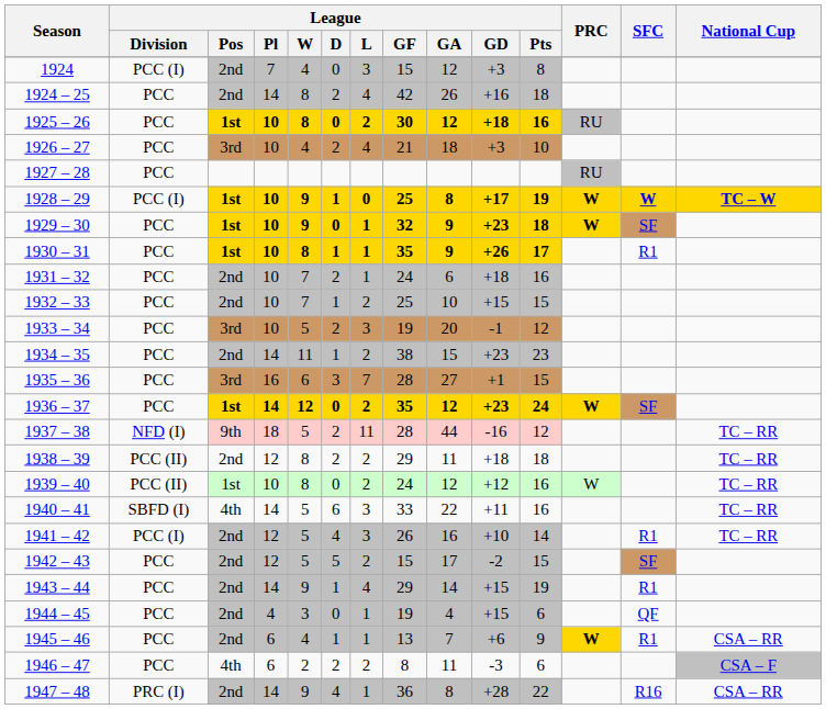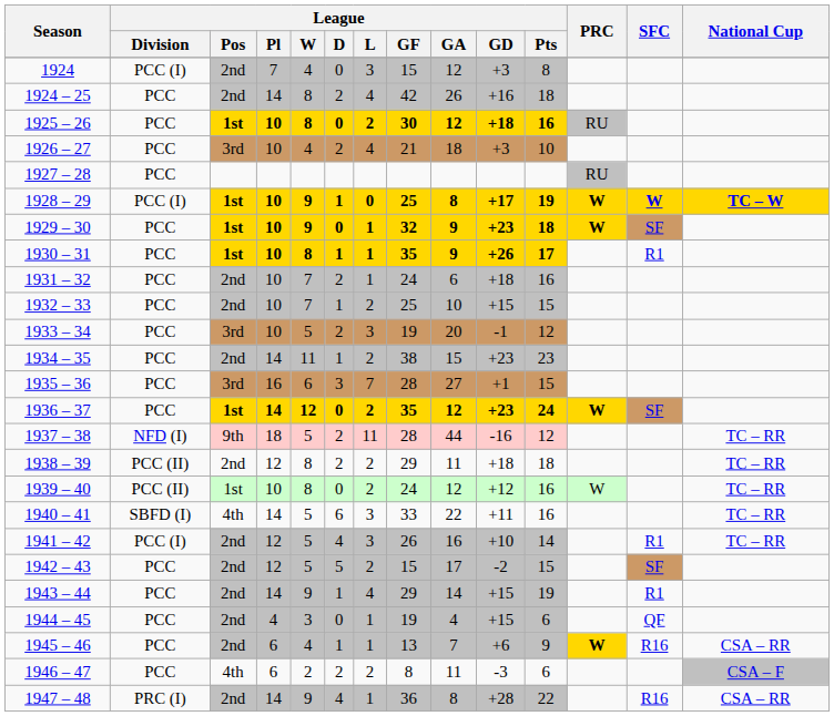 <table class="wikitable sortable" style="width:800px;">
 <tr>
 <th rowspan=2>Season</th>
 <th colspan=10>League </th>
 <th rowspan=2>PRC</th>
 <th rowspan=2><a href='#'>SFC</a></th>
 <th rowspan=2><a href='#'>National Cup</a></th>
 </tr>
 <tr>
 <th>Division</th>
 <th>Pos</th>
 <th>Pl</th>
 <th>W</th>
 <th>D</th>
 <th>L</th>
 <th>GF</th>
 <th>GA</th>
 <th>GD</th>
 <th>Pts</th>
 </tr>
 <tr>
 </tr>
 <tr style="text-align:center;">
 <td><a href='#'>1924</a></td>
 <td>PCC (I)</td>
 <td style="background:silver">2nd</td>
 <td style="background:silver">7</td>
 <td style="background:silver">4</td>
 <td style="background:silver">0</td>
 <td style="background:silver">3</td>
 <td style="background:silver">15</td>
 <td style="background:silver">12</td>
 <td style="background:silver">+3</td>
 <td style="background:silver">8</td>
 <td></td>
 <td></td>
 <td></td>
 </tr>
 <tr style="text-align:center;">
 <td><a href='#'>1924 – 25</a></td>
 <td>PCC</td>
 <td style="background:silver">2nd</td>
 <td style="background:silver">14</td>
 <td style="background:silver">8</td>
 <td style="background:silver">2</td>
 <td style="background:silver">4</td>
 <td style="background:silver">42</td>
 <td style="background:silver">26</td>
 <td style="background:silver">+16</td>
 <td style="background:silver">18</td>
 <td></td>
 <td></td>
 <td></td>
 </tr>
 <tr style="text-align:center;">
 <td><a href='#'>1925 – 26</a></td>
 <td>PCC</td>
 <td bgcolor=gold><strong>1st</strong></td>
 <td bgcolor=gold><strong>10</strong></td>
 <td bgcolor=gold><strong>8</strong></td>
 <td bgcolor=gold><strong>0</strong></td>
 <td bgcolor=gold><strong>2</strong></td>
 <td bgcolor=gold><strong>30</strong></td>
 <td bgcolor=gold><strong>12</strong></td>
 <td bgcolor=gold><strong>+18</strong></td>
 <td bgcolor=gold><strong>16</strong></td>
 <td style="background:silver">RU </td>
 <td></td>
 <td></td>
 </tr>
 <tr style="text-align:center;">
 <td><a href='#'>1926 – 27</a></td>
 <td>PCC</td>
 <td style="background:#c96">3rd</td>
 <td style="background:#c96">10</td>
 <td style="background:#c96">4</td>
 <td style="background:#c96">2</td>
 <td style="background:#c96">4</td>
 <td style="background:#c96">21</td>
 <td style="background:#c96">18</td>
 <td style="background:#c96">+3</td>
 <td style="background:#c96">10</td>
 <td></td>
 <td></td>
 <td></td>
 </tr>
 <tr style="text-align:center;">
 <td><a href='#'>1927 – 28</a></td>
 <td>PCC</td>
 <td></td>
 <td></td>
 <td></td>
 <td></td>
 <td></td>
 <td></td>
 <td></td>
 <td></td>
 <td></td>
 <td style="background:silver">RU </td>
 <td></td>
 <td></td>
 </tr>
 <tr style="text-align:center;">
 <td><a href='#'>1928 – 29</a></td>
 <td>PCC (I)</td>
 <td bgcolor=gold><strong>1st</strong></td>
 <td bgcolor=gold><strong>10</strong></td>
 <td bgcolor=gold><strong>9</strong></td>
 <td bgcolor=gold><strong>1</strong></td>
 <td bgcolor=gold><strong>0</strong></td>
 <td bgcolor=gold><strong>25</strong></td>
 <td bgcolor=gold><strong>8</strong></td>
 <td bgcolor=gold><strong>+17</strong></td>
 <td bgcolor=gold><strong>19</strong></td>
 <td bgcolor=gold><strong>W</strong></td>
 <td bgcolor=gold><a href='#'><strong>W</strong></a></td>
 <td bgcolor=gold><a href='#'><strong>TC – W</strong></a></td>
 </tr>
 <tr style="text-align:center;">
 <td><a href='#'>1929 – 30</a></td>
 <td>PCC</td>
 <td bgcolor=gold><strong>1st</strong></td>
 <td bgcolor=gold><strong>10</strong></td>
 <td bgcolor=gold><strong>9</strong></td>
 <td bgcolor=gold><strong>0</strong></td>
 <td bgcolor=gold><strong>1</strong></td>
 <td bgcolor=gold><strong>32</strong></td>
 <td bgcolor=gold><strong>9</strong></td>
 <td bgcolor=gold><strong>+23</strong></td>
 <td bgcolor=gold><strong>18</strong></td>
 <td bgcolor=gold><strong>W</strong></td>
 <td style="background:#c96"><a href='#'>SF</a></td>
 <td></td>
 </tr>
 <tr style="text-align:center;">
 <td><a href='#'>1930 – 31</a></td>
 <td>PCC</td>
 <td bgcolor=gold><strong>1st</strong></td>
 <td bgcolor=gold><strong>10</strong></td>
 <td bgcolor=gold><strong>8</strong></td>
 <td bgcolor=gold><strong>1</strong></td>
 <td bgcolor=gold><strong>1</strong></td>
 <td bgcolor=gold><strong>35</strong></td>
 <td bgcolor=gold><strong>9</strong></td>
 <td bgcolor=gold><strong>+26</strong></td>
 <td bgcolor=gold><strong>17</strong></td>
 <td></td>
 <td><a href='#'>R1</a></td>
 <td></td>
 </tr>
 <tr style="text-align:center;">
 <td><a href='#'>1931 – 32</a></td>
 <td>PCC</td>
 <td style="background:silver">2nd</td>
 <td style="background:silver">10</td>
 <td style="background:silver">7</td>
 <td style="background:silver">2</td>
 <td style="background:silver">1</td>
 <td style="background:silver">24</td>
 <td style="background:silver">6</td>
 <td style="background:silver">+18</td>
 <td style="background:silver">16</td>
 <td></td>
 <td></td>
 <td></td>
 </tr>
 <tr style="text-align:center;">
 <td><a href='#'>1932 – 33</a></td>
 <td>PCC</td>
 <td style="background:silver">2nd</td>
 <td style="background:silver">10</td>
 <td style="background:silver">7</td>
 <td style="background:silver">1</td>
 <td style="background:silver">2</td>
 <td style="background:silver">25</td>
 <td style="background:silver">10</td>
 <td style="background:silver">+15</td>
 <td style="background:silver">15</td>
 <td></td>
 <td></td>
 <td></td>
 </tr>
 <tr style="text-align:center;">
 <td><a href='#'>1933 – 34</a></td>
 <td>PCC</td>
 <td style="background:#c96">3rd</td>
 <td style="background:#c96">10</td>
 <td style="background:#c96">5</td>
 <td style="background:#c96">2</td>
 <td style="background:#c96">3</td>
 <td style="background:#c96">19</td>
 <td style="background:#c96">20</td>
 <td style="background:#c96">-1</td>
 <td style="background:#c96">12</td>
 <td></td>
 <td></td>
 <td></td>
 </tr>
 <tr style="text-align:center;">
 <td><a href='#'>1934 – 35</a></td>
 <td>PCC</td>
 <td style="background:silver">2nd</td>
 <td style="background:silver">14</td>
 <td style="background:silver">11</td>
 <td style="background:silver">1</td>
 <td style="background:silver">2</td>
 <td style="background:silver">38</td>
 <td style="background:silver">15</td>
 <td style="background:silver">+23</td>
 <td style="background:silver">23</td>
 <td></td>
 <td></td>
 <td></td>
 </tr>
 <tr style="text-align:center;">
 <td><a href='#'>1935 – 36</a></td>
 <td>PCC</td>
 <td style="background:#c96">3rd</td>
 <td style="background:#c96">16</td>
 <td style="background:#c96">6</td>
 <td style="background:#c96">3</td>
 <td style="background:#c96">7</td>
 <td style="background:#c96">28</td>
 <td style="background:#c96">27</td>
 <td style="background:#c96">+1</td>
 <td style="background:#c96">15</td>
 <td></td>
 <td></td>
 <td></td>
 </tr>
 <tr style="text-align:center;">
 <td><a href='#'>1936 – 37</a></td>
 <td>PCC</td>
 <td bgcolor=gold><strong>1st</strong></td>
 <td bgcolor=gold><strong>14</strong></td>
 <td bgcolor=gold><strong>12</strong></td>
 <td bgcolor=gold><strong>0</strong></td>
 <td bgcolor=gold><strong>2</strong></td>
 <td bgcolor=gold><strong>35</strong></td>
 <td bgcolor=gold><strong>12</strong></td>
 <td bgcolor=gold><strong>+23</strong></td>
 <td bgcolor=gold><strong>24</strong></td>
 <td bgcolor=gold><strong>W</strong></td>
 <td style="background:#c96"><a href='#'>SF</a></td>
 <td></td>
 </tr>
 <tr style="text-align:center;">
 <td><a href='#'>1937 – 38</a></td>
 <td><a href='#'>NFD</a> (I)</td>
 <td style="background:#fcc;">9th</td>
 <td style="background:#fcc;">18</td>
 <td style="background:#fcc;">5</td>
 <td style="background:#fcc;">2</td>
 <td style="background:#fcc;">11</td>
 <td style="background:#fcc;">28</td>
 <td style="background:#fcc;">44</td>
 <td style="background:#fcc;">-16</td>
 <td style="background:#fcc;">12</td>
 <td></td>
 <td></td>
 <td style="white-space: nowrap;"><a href='#'>TC – RR</a></td>
 </tr>
 <tr style="text-align:center;">
 <td><a href='#'>1938 – 39</a></td>
 <td>PCC (II)</td>
 <td>2nd</td>
 <td>12</td>
 <td>8</td>
 <td>2</td>
 <td>2</td>
 <td>29</td>
 <td>11</td>
 <td>+18</td>
 <td>18</td>
 <td></td>
 <td></td>
 <td style="white-space: nowrap;"><a href='#'>TC – RR</a></td>
 </tr>
 <tr style="text-align:center;">
 <td><a href='#'>1939 – 40</a></td>
 <td>PCC (II)</td>
 <td style="background:#cfc;">1st</td>
 <td style="background:#cfc;">10</td>
 <td style="background:#cfc;">8</td>
 <td style="background:#cfc;">0</td>
 <td style="background:#cfc;">2</td>
 <td style="background:#cfc;">24</td>
 <td style="background:#cfc;">12</td>
 <td style="background:#cfc;">+12</td>
 <td style="background:#cfc;">16</td>
 <td style="background:#cfc;">W</td>
 <td></td>
 <td><a href='#'>TC – RR</a></td>
 </tr>
 <tr style="text-align:center;">
 <td><a href='#'>1940 – 41</a></td>
 <td>SBFD (I)</td>
 <td>4th</td>
 <td>14</td>
 <td>5</td>
 <td>6</td>
 <td>3</td>
 <td>33</td>
 <td>22</td>
 <td>+11</td>
 <td>16</td>
 <td></td>
 <td></td>
 <td><a href='#'>TC – RR</a></td>
 </tr>
 <tr style="text-align:center;">
 <td style="white-space: nowrap;"><a href='#'>1941 – 42</a></td>
 <td>PCC (I)</td>
 <td style="background:silver">2nd</td>
 <td style="background:silver">12</td>
 <td style="background:silver">5</td>
 <td style="background:silver">4</td>
 <td style="background:silver">3</td>
 <td style="background:silver">26</td>
 <td style="background:silver">16</td>
 <td style="background:silver">+10</td>
 <td style="background:silver">14</td>
 <td></td>
 <td><a href='#'>R1</a></td>
 <td><a href='#'>TC – RR</a></td>
 </tr>
 <tr style="text-align:center;">
 <td><a href='#'>1942 – 43</a></td>
 <td>PCC</td>
 <td style="background:silver">2nd</td>
 <td style="background:silver">12</td>
 <td style="background:silver">5</td>
 <td style="background:silver">5</td>
 <td style="background:silver">2</td>
 <td style="background:silver">15</td>
 <td style="background:silver">17</td>
 <td style="background:silver">-2</td>
 <td style="background:silver">15</td>
 <td></td>
 <td style="background:#c96"><a href='#'>SF</a></td>
 <td></td>
 </tr>
 <tr style="text-align:center;">
 <td><a href='#'>1943 – 44</a></td>
 <td>PCC</td>
 <td style="background:silver">2nd</td>
 <td style="background:silver">14</td>
 <td style="background:silver">9</td>
 <td style="background:silver">1</td>
 <td style="background:silver">4</td>
 <td style="background:silver">29</td>
 <td style="background:silver">14</td>
 <td style="background:silver">+15</td>
 <td style="background:silver">19</td>
 <td></td>
 <td><a href='#'>R1</a></td>
 <td></td>
 </tr>
 <tr style="text-align:center;">
 <td><a href='#'>1944 – 45</a></td>
 <td>PCC</td>
 <td style="background:silver">2nd</td>
 <td style="background:silver">4</td>
 <td style="background:silver">3</td>
 <td style="background:silver">0</td>
 <td style="background:silver">1</td>
 <td style="background:silver">19</td>
 <td style="background:silver">4</td>
 <td style="background:silver">+15</td>
 <td style="background:silver">6</td>
 <td></td>
 <td><a href='#'>QF</a></td>
 <td></td>
 </tr>
 <tr style="text-align:center;">
 <td><a href='#'>1945 – 46</a></td>
 <td>PCC</td>
 <td style="background:silver">2nd</td>
 <td style="background:silver">6</td>
 <td style="background:silver">4</td>
 <td style="background:silver">1</td>
 <td style="background:silver">1</td>
 <td style="background:silver">13</td>
 <td style="background:silver">7</td>
 <td style="background:silver">+6</td>
 <td style="background:silver">9</td>
 <td bgcolor=gold><strong>W</strong> </td>
-<td><a href='#'>R1</a></td>
+<td><a href='#'>R16</a></td>
 <td><a href='#'>CSA – RR</a></td>
 </tr>
 <tr style="text-align:center;">
 <td><a href='#'>1946 – 47</a></td>
 <td>PCC</td>
 <td>4th</td>
 <td>6</td>
 <td>2</td>
 <td>2</td>
 <td>2</td>
 <td>8</td>
 <td>11</td>
 <td>-3</td>
 <td>6</td>
 <td></td>
 <td></td>
 <td style="background:silver"><a href='#'>CSA – F</a></td>
 </tr>
 <tr style="text-align:center;">
 <td><a href='#'>1947 – 48</a></td>
 <td>PRC (I)</td>
 <td style="background:silver">2nd</td>
 <td style="background:silver">14</td>
 <td style="background:silver">9</td>
 <td style="background:silver">4</td>
 <td style="background:silver">1</td>
 <td style="background:silver">36</td>
 <td style="background:silver">8</td>
 <td style="background:silver">+28</td>
 <td style="background:silver">22</td>
 <td></td>
 <td><a href='#'>R16</a></td>
 <td><a href='#'>CSA – RR</a></td>
 </tr>
 </table>
